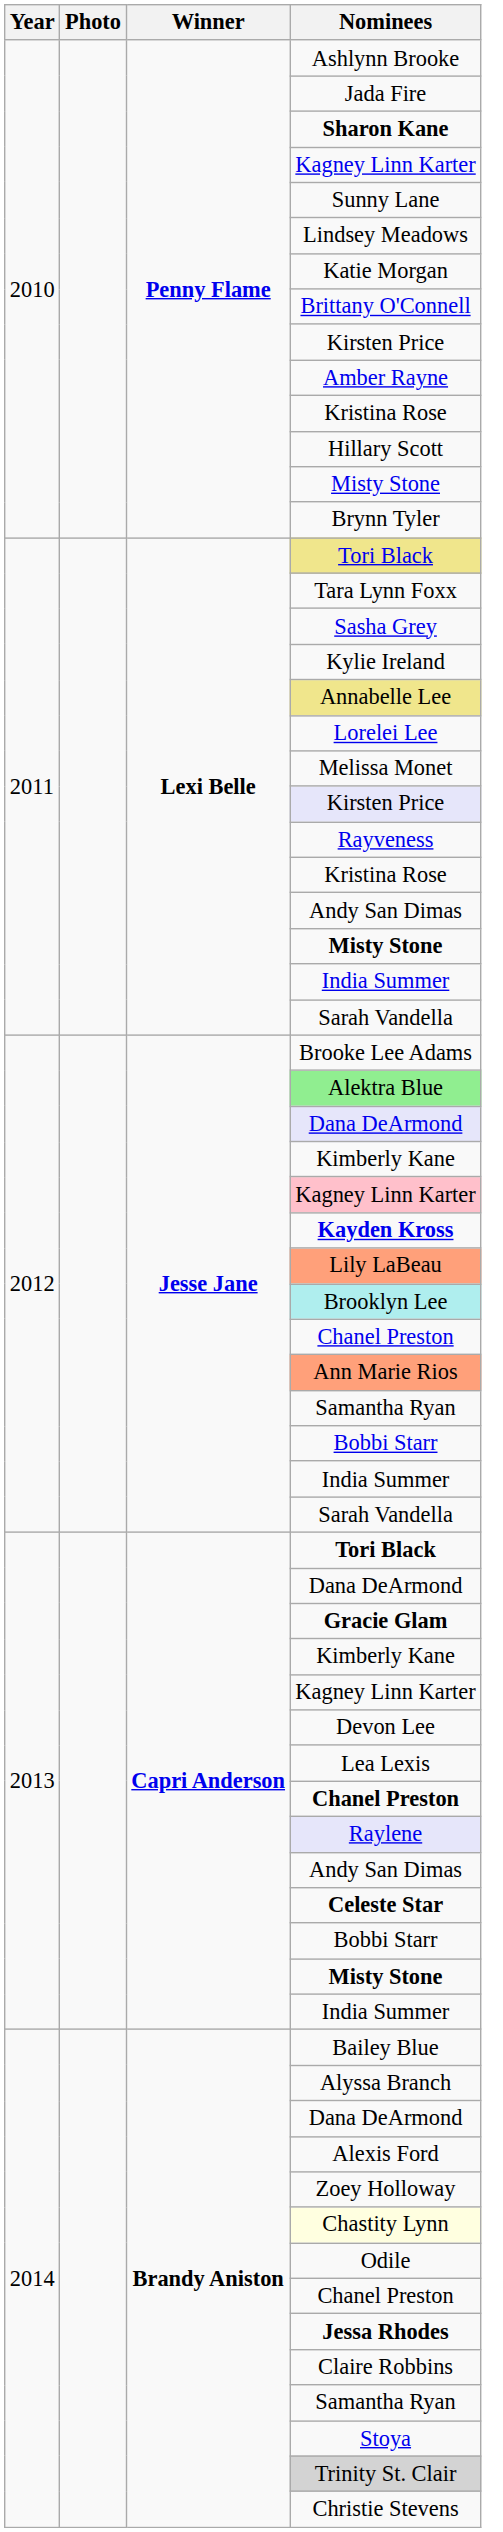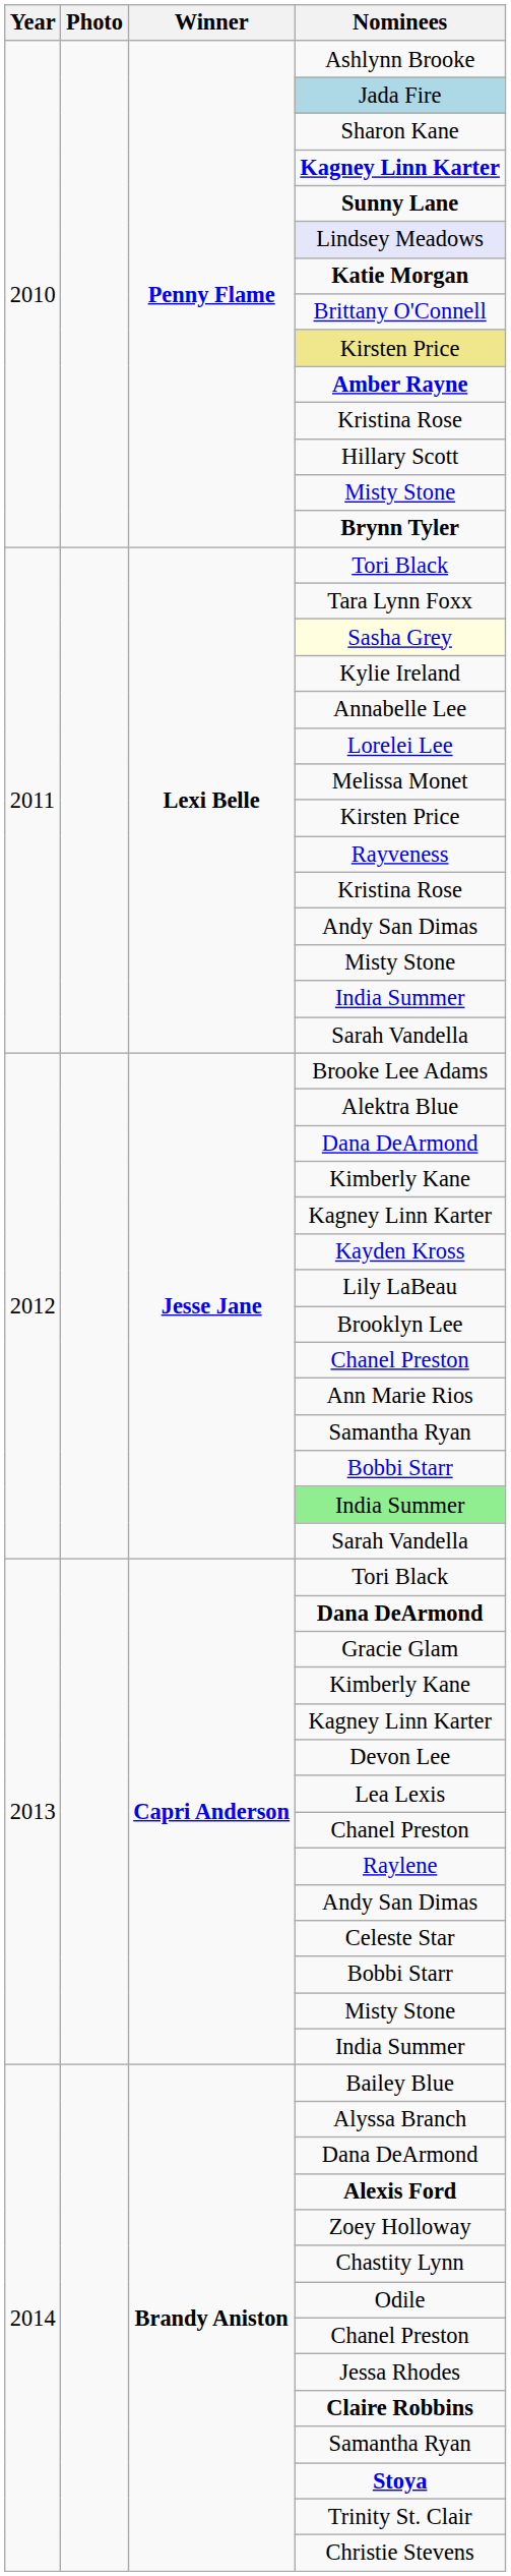 <table class=wikitable>
 <tr>
 <th>Year</th>
 <th>Photo</th>
 <th>Winner<br></th>
 <th>Nominees<br></th>
 </tr>
 <tr>
 <td rowspan=14>2010</td>
 <td rowspan=14 align=center></td>
 <td rowspan=14 align=center><strong><a href='#'>Penny Flame</a></strong><br></td>
 <td align=center>Ashlynn Brooke<br></td>
 </tr>
 <tr>
-<td align=center>Jada Fire<br></td>
+<td align=center style="background: lightblue;">Jada Fire<br></td>
 </tr>
 <tr>
-<td align=center><strong>Sharon Kane<br></strong></td>
+<td align=center>Sharon Kane<br></td>
 </tr>
 <tr>
-<td align=center><a href='#'>Kagney Linn Karter</a><br></td>
+<td align=center><strong><a href='#'>Kagney Linn Karter</a><br></strong></td>
 </tr>
 <tr>
-<td align=center>Sunny Lane<br></td>
+<td align=center><strong>Sunny Lane<br></strong></td>
 </tr>
 <tr>
-<td align=center>Lindsey Meadows<br></td>
+<td align=center style="background: lavender;">Lindsey Meadows<br></td>
 </tr>
 <tr>
-<td align=center>Katie Morgan<br></td>
+<td align=center><strong>Katie Morgan<br></strong></td>
 </tr>
 <tr>
 <td align=center><a href='#'>Brittany O'Connell</a><br></td>
 </tr>
 <tr>
-<td align=center>Kirsten Price<br></td>
+<td align=center style="background: khaki;">Kirsten Price<br></td>
 </tr>
 <tr>
-<td align=center><a href='#'>Amber Rayne</a><br></td>
+<td align=center><strong><a href='#'>Amber Rayne</a><br></strong></td>
 </tr>
 <tr>
 <td align=center>Kristina Rose<br></td>
 </tr>
 <tr>
 <td align=center>Hillary Scott<br></td>
 </tr>
 <tr>
 <td align=center><a href='#'>Misty Stone</a><br></td>
 </tr>
 <tr>
-<td align=center>Brynn Tyler<br></td>
+<td align=center><strong>Brynn Tyler<br></strong></td>
 </tr>
 <tr>
 <td rowspan=14>2011</td>
 <td rowspan=14></td>
 <td rowspan=14 align=center><strong>Lexi Belle</strong><br></td>
-<td align=center style="background: khaki;"><a href='#'>Tori Black</a><br></td>
+<td align=center><a href='#'>Tori Black</a><br></td>
 </tr>
 <tr>
 <td align=center>Tara Lynn Foxx<br></td>
 </tr>
 <tr>
-<td align=center><a href='#'>Sasha Grey</a><br></td>
+<td align=center style="background: lightyellow;"><a href='#'>Sasha Grey</a><br></td>
 </tr>
 <tr>
 <td align=center>Kylie Ireland<br></td>
 </tr>
 <tr>
-<td align=center style="background: khaki;">Annabelle Lee<br></td>
+<td align=center>Annabelle Lee<br></td>
 </tr>
 <tr>
 <td align=center><a href='#'>Lorelei Lee</a><br></td>
 </tr>
 <tr>
 <td align=center>Melissa Monet<br></td>
 </tr>
 <tr>
-<td align=center style="background: lavender;">Kirsten Price<br></td>
+<td align=center>Kirsten Price<br></td>
 </tr>
 <tr>
 <td align=center><a href='#'>Rayveness</a><br></td>
 </tr>
 <tr>
 <td align=center>Kristina Rose<br></td>
 </tr>
 <tr>
 <td align=center>Andy San Dimas<br></td>
 </tr>
 <tr>
-<td align=center><strong>Misty Stone<br></strong></td>
+<td align=center>Misty Stone<br></td>
 </tr>
 <tr>
 <td align=center><a href='#'>India Summer</a><br></td>
 </tr>
 <tr>
 <td align=center>Sarah Vandella<br></td>
 </tr>
 <tr>
 <td rowspan=14>2012</td>
 <td rowspan=14 align=center></td>
 <td rowspan=14 align=center><strong><a href='#'>Jesse Jane</a></strong><br></td>
 <td align=center>Brooke Lee Adams<br></td>
 </tr>
 <tr>
-<td align=center style="background: lightgreen;">Alektra Blue<br></td>
+<td align=center>Alektra Blue<br></td>
 </tr>
 <tr>
-<td align=center style="background: lavender;"><a href='#'>Dana DeArmond</a><br></td>
+<td align=center><a href='#'>Dana DeArmond</a><br></td>
 </tr>
 <tr>
 <td align=center>Kimberly Kane<br></td>
 </tr>
 <tr>
-<td align=center style="background: pink;">Kagney Linn Karter<br></td>
+<td align=center>Kagney Linn Karter<br></td>
 </tr>
 <tr>
-<td align=center><strong><a href='#'>Kayden Kross</a><br></strong></td>
+<td align=center><a href='#'>Kayden Kross</a><br></td>
 </tr>
 <tr>
-<td align=center style="background: lightsalmon;">Lily LaBeau<br></td>
+<td align=center>Lily LaBeau<br></td>
 </tr>
 <tr>
-<td align=center style="background: paleturquoise;">Brooklyn Lee<br></td>
+<td align=center>Brooklyn Lee<br></td>
 </tr>
 <tr>
 <td align=center><a href='#'>Chanel Preston</a><br></td>
 </tr>
 <tr>
-<td align=center style="background: lightsalmon;">Ann Marie Rios<br></td>
+<td align=center>Ann Marie Rios<br></td>
 </tr>
 <tr>
 <td align=center>Samantha Ryan<br></td>
 </tr>
 <tr>
 <td align=center><a href='#'>Bobbi Starr</a><br></td>
 </tr>
 <tr>
-<td align=center>India Summer<br></td>
+<td align=center style="background: lightgreen;">India Summer<br></td>
 </tr>
 <tr>
 <td align=center>Sarah Vandella<br></td>
 </tr>
 <tr>
 <td rowspan=14>2013</td>
 <td rowspan=14 align=center></td>
 <td rowspan=14 align=center><strong><a href='#'>Capri Anderson</a></strong><br></td>
-<td align=center><strong>Tori Black<br></strong></td>
+<td align=center>Tori Black<br></td>
 </tr>
 <tr>
-<td align=center>Dana DeArmond<br></td>
+<td align=center><strong>Dana DeArmond<br></strong></td>
 </tr>
 <tr>
-<td align=center><strong>Gracie Glam<br></strong></td>
+<td align=center>Gracie Glam<br></td>
 </tr>
 <tr>
 <td align=center>Kimberly Kane<br></td>
 </tr>
 <tr>
 <td align=center>Kagney Linn Karter<br></td>
 </tr>
 <tr>
 <td align=center>Devon Lee<br></td>
 </tr>
 <tr>
 <td align=center>Lea Lexis<br></td>
 </tr>
 <tr>
-<td align=center><strong>Chanel Preston<br></strong></td>
+<td align=center>Chanel Preston<br></td>
 </tr>
 <tr>
-<td align=center style="background: lavender;"><a href='#'>Raylene</a><br></td>
+<td align=center><a href='#'>Raylene</a><br></td>
 </tr>
 <tr>
 <td align=center>Andy San Dimas<br></td>
 </tr>
 <tr>
-<td align=center><strong>Celeste Star<br></strong></td>
+<td align=center>Celeste Star<br></td>
 </tr>
 <tr>
 <td align=center>Bobbi Starr<br></td>
 </tr>
 <tr>
-<td align=center><strong>Misty Stone<br></strong></td>
+<td align=center>Misty Stone<br></td>
 </tr>
 <tr>
 <td align=center>India Summer<br></td>
 </tr>
 <tr>
 <td rowspan=14>2014</td>
 <td rowspan=14 align=center></td>
 <td rowspan=14 align=center><strong>Brandy Aniston</strong><br></td>
 <td align=center>Bailey Blue<br></td>
 </tr>
 <tr>
 <td align=center>Alyssa Branch<br></td>
 </tr>
 <tr>
 <td align=center>Dana DeArmond<br></td>
 </tr>
 <tr>
-<td align=center>Alexis Ford<br></td>
+<td align=center><strong>Alexis Ford<br></strong></td>
 </tr>
 <tr>
 <td align=center>Zoey Holloway<br></td>
 </tr>
 <tr>
-<td align=center style="background: lightyellow;">Chastity Lynn<br></td>
+<td align=center>Chastity Lynn<br></td>
 </tr>
 <tr>
 <td align=center>Odile<br></td>
 </tr>
 <tr>
 <td align=center>Chanel Preston<br></td>
 </tr>
 <tr>
-<td align=center><strong>Jessa Rhodes<br></strong></td>
+<td align=center>Jessa Rhodes<br></td>
 </tr>
 <tr>
-<td align=center>Claire Robbins<br></td>
+<td align=center><strong>Claire Robbins<br></strong></td>
 </tr>
 <tr>
 <td align=center>Samantha Ryan<br></td>
 </tr>
 <tr>
-<td align=center><a href='#'>Stoya</a><br></td>
+<td align=center><strong><a href='#'>Stoya</a><br></strong></td>
 </tr>
 <tr>
-<td align=center style="background: lightgrey;">Trinity St. Clair<br></td>
+<td align=center>Trinity St. Clair<br></td>
 </tr>
 <tr>
 <td align=center>Christie Stevens<br></td>
 </tr>
 </table>
